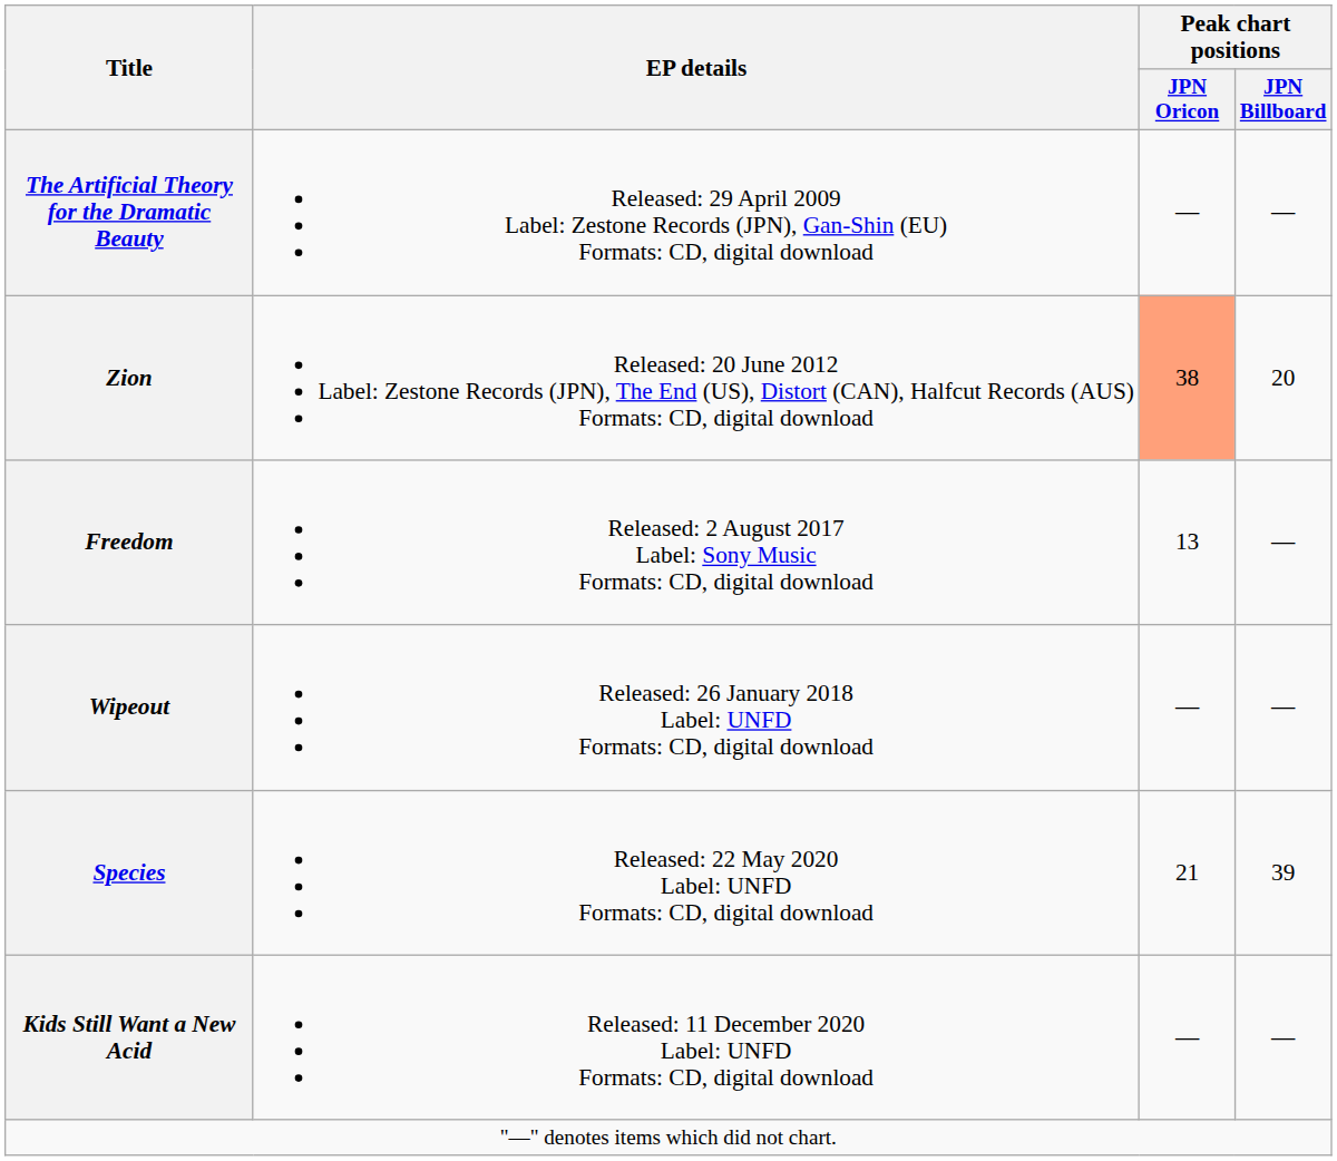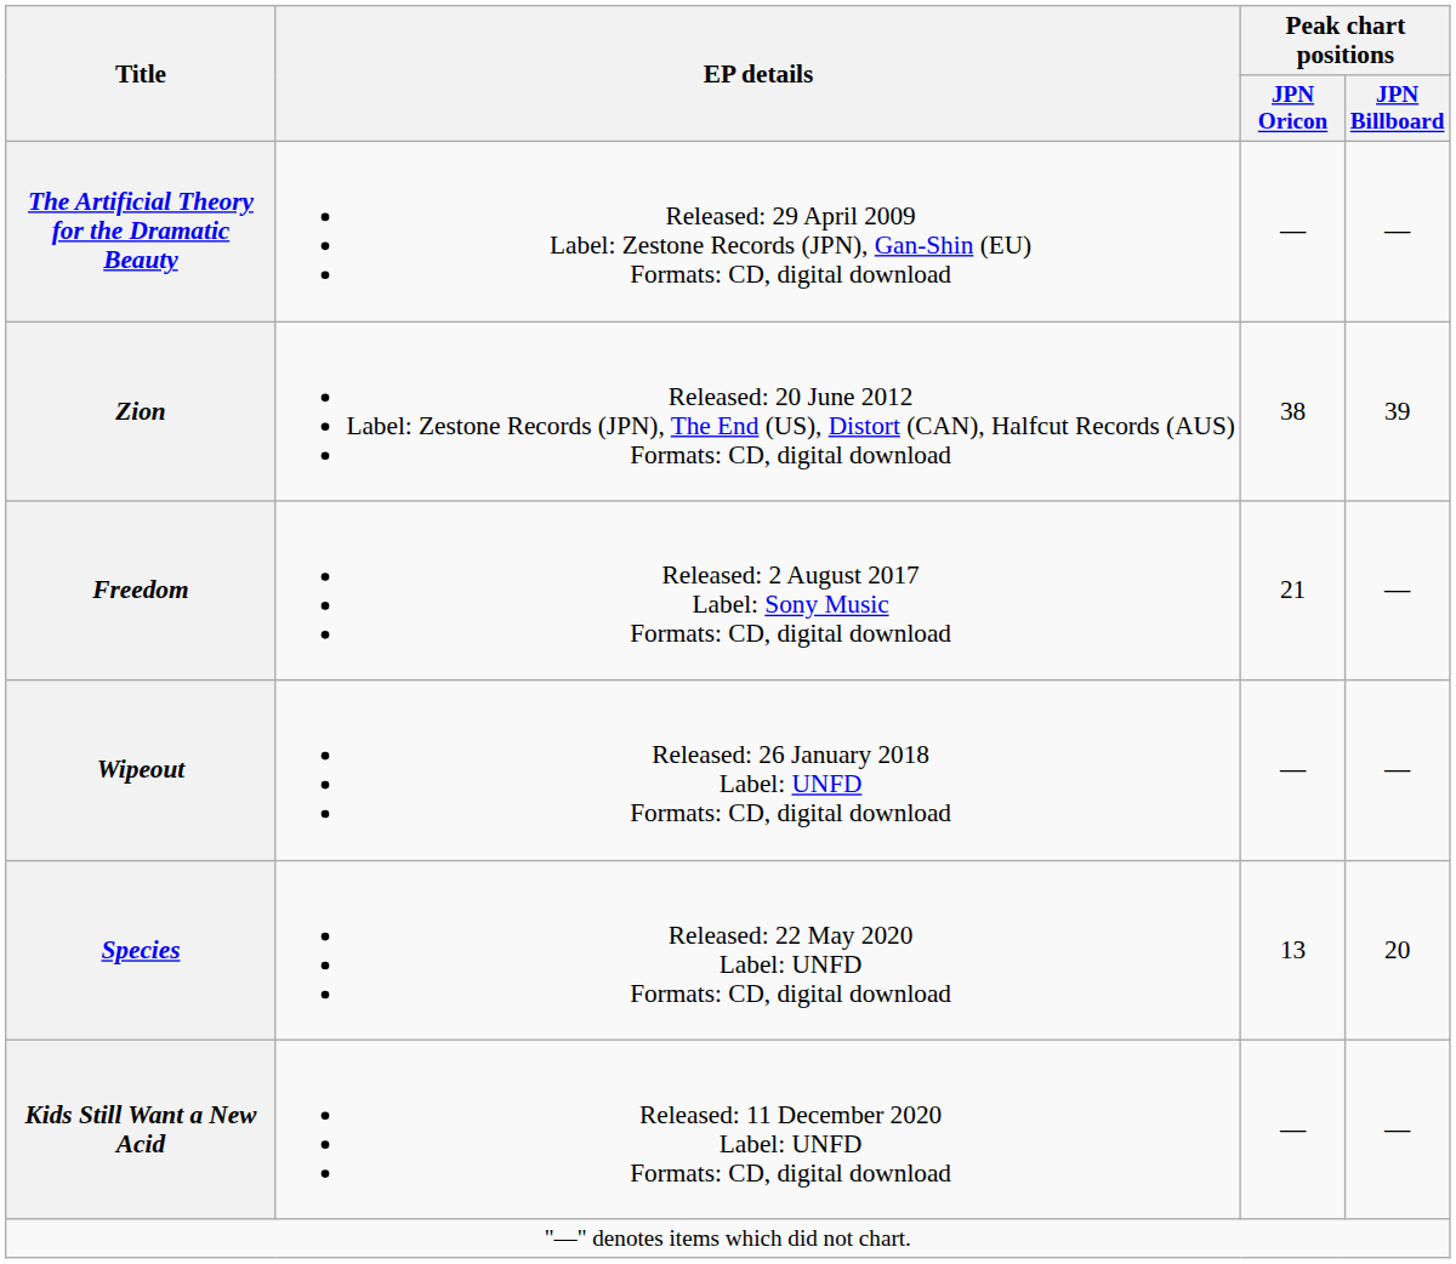 <table class="wikitable plainrowheaders" style="text-align:center;">
 <tr>
 <th rowspan="2">Title</th>
 <th rowspan="2">EP details</th>
 <th colspan="2">Peak chart positions</th>
 </tr>
 <tr>
 <th scope="col" style="width:4em;font-size:90%;"><a href='#'>JPN<br>Oricon</a><br></th>
 <th scope="col" style="width:4em;font-size:90%;"><a href='#'>JPN<br>Billboard</a><br></th>
 </tr>
 <tr>
 <th scope="row"><em><a href='#'>The Artificial Theory for the Dramatic Beauty</a></em></th>
 <td><br><ul><li>Released: 29 April 2009</li><li>Label: Zestone Records (JPN), <a href='#'>Gan-Shin</a> (EU)</li><li>Formats: CD, digital download</li></ul></td>
 <td>—</td>
 <td>—</td>
 </tr>
 <tr>
 <th scope="row" style="width:10em"><em>Zion</em></th>
 <td><br><ul><li>Released: 20 June 2012</li><li>Label: Zestone Records (JPN), <a href='#'>The End</a> (US), <a href='#'>Distort</a> (CAN), Halfcut Records (AUS)</li><li>Formats: CD, digital download</li></ul></td>
-<td style="background: lightsalmon;">38</td>
-<td>20</td>
+<td>38</td>
+<td>39</td>
 </tr>
 <tr>
 <th scope="row" style="width:10em"><em>Freedom</em></th>
 <td><br><ul><li>Released: 2 August 2017</li><li>Label: <a href='#'>Sony Music</a></li><li>Formats: CD, digital download</li></ul></td>
-<td>13</td>
+<td>21</td>
 <td>—</td>
 </tr>
 <tr>
 <th scope="row" style="width:10em"><em>Wipeout</em></th>
 <td><br><ul><li>Released: 26 January 2018</li><li>Label: <a href='#'>UNFD</a></li><li>Formats: CD, digital download</li></ul></td>
 <td>—</td>
 <td>—</td>
 </tr>
 <tr>
 <th scope="row" style="width:10em"><em><a href='#'>Species</a></em></th>
 <td><br><ul><li>Released: 22 May 2020</li><li>Label: UNFD</li><li>Formats: CD, digital download</li></ul></td>
-<td>21</td>
-<td>39</td>
+<td>13</td>
+<td>20</td>
 </tr>
 <tr>
 <th scope="row" style="width:10em"><em>Kids Still Want a New Acid</em></th>
 <td><br><ul><li>Released: 11 December 2020</li><li>Label: UNFD</li><li>Formats: CD, digital download</li></ul></td>
 <td>—</td>
 <td>—</td>
 </tr>
 <tr>
 <td colspan="6" align="center" style="font-size:90%;">"—" denotes items which did not chart.</td>
 </tr>
 </table>
